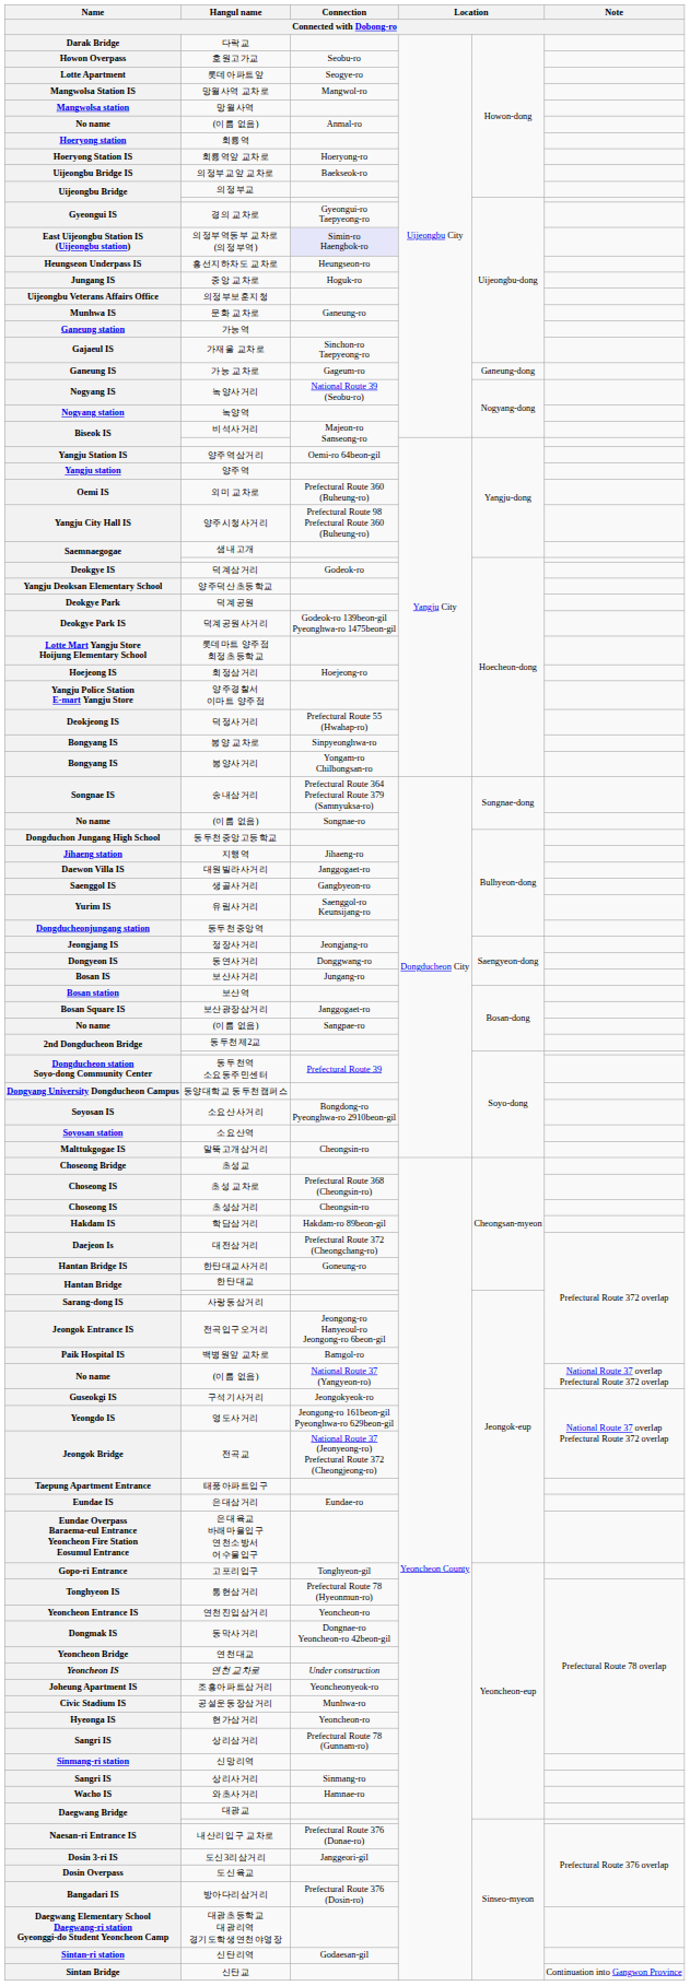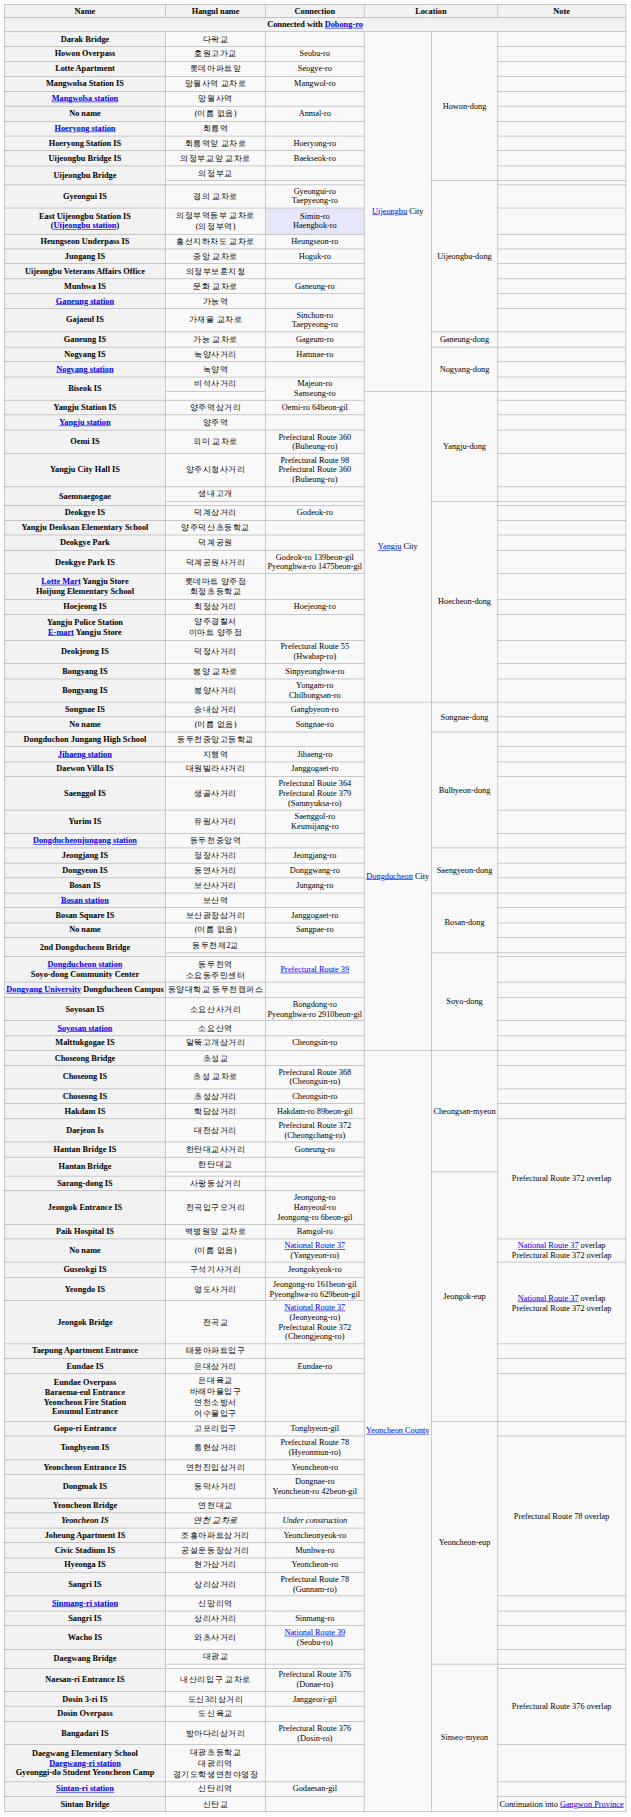 <table class="wikitable" style="font-size: 85%; text-align: center;">
 <tr>
 <th>Name </th>
 <th>Hangul name</th>
 <th>Connection</th>
 <th colspan="2">Location</th>
 <th>Note</th>
 </tr>
 <tr>
 <th colspan=6>Connected with <a href='#'>Dobong-ro</a></th>
 </tr>
 <tr>
 <th>Darak Bridge</th>
 <td>다락교</td>
 <td></td>
 <td rowspan=23><a href='#'>Uijeongbu</a> City</td>
 <td rowspan=10>Howon-dong</td>
 <td></td>
 </tr>
 <tr>
 <th>Howon Overpass</th>
 <td>호원고가교</td>
 <td>Seobu-ro</td>
 <td></td>
 </tr>
 <tr>
 <th>Lotte Apartment</th>
 <td>롯데아파트앞</td>
 <td>Seogye-ro</td>
 <td></td>
 </tr>
 <tr>
 <th>Mangwolsa Station IS</th>
 <td>망월사역 교차로</td>
 <td>Mangwol-ro</td>
 <td></td>
 </tr>
 <tr>
 <th><a href='#'>Mangwolsa station</a></th>
 <td>망월사역</td>
 <td></td>
 <td></td>
 </tr>
 <tr>
 <th>No name</th>
 <td>(이름 없음)</td>
 <td>Anmal-ro</td>
 <td></td>
 </tr>
 <tr>
 <th><a href='#'>Hoeryong station</a></th>
 <td>회룡역</td>
 <td></td>
 <td></td>
 </tr>
 <tr>
 <th>Hoeryong Station IS</th>
 <td>회룡역앞 교차로</td>
 <td>Hoeryong-ro</td>
 <td></td>
 </tr>
 <tr>
 <th>Uijeongbu Bridge IS</th>
 <td>의정부교앞 교차로</td>
 <td>Baekseok-ro</td>
 <td></td>
 </tr>
 <tr>
 <th rowspan=2>Uijeongbu Bridge</th>
 <td>의정부교</td>
 <td></td>
 <td></td>
 </tr>
 <tr>
 <td></td>
 <td></td>
 <td rowspan=9>Uijeongbu-dong</td>
 <td></td>
 </tr>
 <tr>
 <th>Gyeongui IS</th>
 <td>경의 교차로</td>
 <td>Gyeongui-ro<br>Taepyeong-ro</td>
 <td></td>
 </tr>
 <tr>
 <th>East Uijeongbu Station IS<br>(<a href='#'>Uijeongbu station</a>)</th>
 <td>의정부역동부 교차로<br>(의정부역)</td>
 <td style="background: lavender;">Simin-ro<br>Haengbok-ro</td>
 <td></td>
 </tr>
 <tr>
 <th>Heungseon Underpass IS</th>
 <td>흥선지하차도 교차로</td>
 <td>Heungseon-ro</td>
 <td></td>
 </tr>
 <tr>
 <th>Jungang IS</th>
 <td>중앙 교차로</td>
 <td>Hoguk-ro</td>
 <td></td>
 </tr>
 <tr>
 <th>Uijeongbu Veterans Affairs Office</th>
 <td>의정부보훈지청</td>
 <td></td>
 <td></td>
 </tr>
 <tr>
 <th>Munhwa IS</th>
 <td>문화 교차로</td>
 <td>Ganeung-ro</td>
 <td></td>
 </tr>
 <tr>
 <th><a href='#'>Ganeung station</a></th>
 <td>가능역</td>
 <td></td>
 <td></td>
 </tr>
 <tr>
 <th>Gajaeul IS</th>
 <td>가재울 교차로</td>
 <td>Sinchon-ro<br>Taepyeong-ro</td>
 <td></td>
 </tr>
 <tr>
 <th>Ganeung IS</th>
 <td>가능 교차로</td>
 <td>Gageum-ro</td>
 <td>Ganeung-dong</td>
 <td></td>
 </tr>
 <tr>
 <th>Nogyang IS</th>
 <td>녹양사거리</td>
-<td><a href='#'>National Route 39</a><br>(Seobu-ro)</td>
+<td>Hamnae-ro</td>
 <td rowspan=3>Nogyang-dong</td>
 <td></td>
 </tr>
 <tr>
 <th><a href='#'>Nogyang station</a></th>
 <td>녹양역</td>
 <td></td>
 <td></td>
 </tr>
 <tr>
 <th rowspan=2>Biseok IS</th>
 <td>비석사거리</td>
 <td rowspan=2>Majeon-ro<br>Sanseong-ro</td>
 <td></td>
 </tr>
 <tr>
 <td></td>
 <td rowspan=17><a href='#'>Yangju</a> City</td>
 <td rowspan=6>Yangju-dong</td>
 <td></td>
 </tr>
 <tr>
 <th>Yangju Station IS</th>
 <td>양주역삼거리</td>
 <td>Oemi-ro 64beon-gil</td>
 <td></td>
 </tr>
 <tr>
 <th><a href='#'>Yangju station</a></th>
 <td>양주역</td>
 <td></td>
 <td></td>
 </tr>
 <tr>
 <th>Oemi IS</th>
 <td>외미 교차로</td>
 <td>Prefectural Route 360<br>(Buheung-ro)</td>
 <td></td>
 </tr>
 <tr>
 <th>Yangju City Hall IS</th>
 <td>양주시청사거리</td>
 <td>Prefectural Route 98<br>Prefectural Route 360<br>(Buheung-ro)</td>
 <td></td>
 </tr>
 <tr>
 <th rowspan=2>Saemnaegogae</th>
 <td>샘내고개</td>
 <td></td>
 <td></td>
 </tr>
 <tr>
 <td></td>
 <td></td>
 <td rowspan=11>Hoecheon-dong</td>
 <td></td>
 </tr>
 <tr>
 <th>Deokgye IS</th>
 <td>덕계삼거리</td>
 <td>Godeok-ro</td>
 <td></td>
 </tr>
 <tr>
 <th>Yangju Deoksan Elementary School</th>
 <td>양주덕산초등학교</td>
 <td></td>
 <td></td>
 </tr>
 <tr>
 <th>Deokgye Park</th>
 <td>덕계공원</td>
 <td></td>
 <td></td>
 </tr>
 <tr>
 <th>Deokgye Park IS</th>
 <td>덕계공원사거리</td>
 <td>Godeok-ro 139beon-gil<br>Pyeonghwa-ro 1475beon-gil</td>
 <td></td>
 </tr>
 <tr>
 <th><a href='#'>Lotte Mart</a> Yangju Store<br>Hoijung Elementary School</th>
 <td>롯데마트 양주점<br>회정초등학교</td>
 <td></td>
 <td></td>
 </tr>
 <tr>
 <th>Hoejeong IS</th>
 <td>회정삼거리</td>
 <td>Hoejeong-ro</td>
 <td></td>
 </tr>
 <tr>
 <th>Yangju Police Station<br><a href='#'>E-mart</a> Yangju Store</th>
 <td>양주경찰서<br>이마트 양주점</td>
 <td></td>
 <td></td>
 </tr>
 <tr>
 <th>Deokjeong IS</th>
 <td>덕정사거리</td>
 <td>Prefectural Route 55<br>(Hwahap-ro)</td>
 <td></td>
 </tr>
 <tr>
 <th>Bongyang IS</th>
 <td>봉양 교차로</td>
 <td>Sinpyeonghwa-ro</td>
 <td></td>
 </tr>
 <tr>
 <th>Bongyang IS</th>
 <td>봉양사거리</td>
 <td>Yongam-ro<br>Chilbongsan-ro</td>
 <td></td>
 </tr>
 <tr>
 <th>Songnae IS</th>
 <td>송내삼거리</td>
-<td>Prefectural Route 364<br>Prefectural Route 379<br>(Samnyuksa-ro)</td>
+<td>Gangbyeon-ro</td>
 <td rowspan=21><a href='#'>Dongducheon</a> City</td>
 <td rowspan=2>Songnae-dong</td>
 <td></td>
 </tr>
 <tr>
 <th>No name</th>
 <td>(이름 없음)</td>
 <td>Songnae-ro</td>
 <td></td>
 </tr>
 <tr>
 <th>Dongduchon Jungang High School</th>
 <td>동두천중앙고등학교</td>
 <td></td>
 <td rowspan=6>Bulhyeon-dong</td>
 <td></td>
 </tr>
 <tr>
 <th><a href='#'>Jihaeng station</a></th>
 <td>지행역</td>
 <td>Jihaeng-ro</td>
 <td></td>
 </tr>
 <tr>
 <th>Daewon Villa IS</th>
 <td>대원빌라사거리</td>
 <td>Janggogaet-ro</td>
 <td></td>
 </tr>
 <tr>
 <th>Saenggol IS</th>
 <td>생골사거리</td>
-<td>Gangbyeon-ro</td>
+<td>Prefectural Route 364<br>Prefectural Route 379<br>(Samnyuksa-ro)</td>
 <td></td>
 </tr>
 <tr>
 <th>Yurim IS</th>
 <td>유림사거리</td>
 <td>Saenggol-ro<br>Keunsijang-ro</td>
 <td></td>
 </tr>
 <tr>
 <th><a href='#'>Dongducheonjungang station</a></th>
 <td>동두천중앙역</td>
 <td></td>
 <td></td>
 </tr>
 <tr>
 <th>Jeongjang IS</th>
 <td>정장사거리</td>
 <td>Jeongjang-ro</td>
 <td rowspan=3>Saengyeon-dong</td>
 <td></td>
 </tr>
 <tr>
 <th>Dongyeon IS</th>
 <td>동연사거리</td>
 <td>Donggwang-ro</td>
 <td></td>
 </tr>
 <tr>
 <th>Bosan IS</th>
 <td>보산사거리</td>
 <td>Jungang-ro</td>
 <td></td>
 </tr>
 <tr>
 <th><a href='#'>Bosan station</a></th>
 <td>보산역</td>
 <td></td>
 <td rowspan=4>Bosan-dong</td>
 <td></td>
 </tr>
 <tr>
 <th>Bosan Square IS</th>
 <td>보산광장삼거리</td>
 <td>Janggogaet-ro</td>
 <td></td>
 </tr>
 <tr>
 <th>No name</th>
 <td>(이름 없음)</td>
 <td>Sangpae-ro</td>
 <td></td>
 </tr>
 <tr>
 <th rowspan=2>2nd Dongducheon Bridge</th>
 <td>동두천제2교</td>
 <td></td>
 <td></td>
 </tr>
 <tr>
 <td></td>
 <td></td>
 <td rowspan=6>Soyo-dong</td>
 <td></td>
 </tr>
 <tr>
 <th><a href='#'>Dongducheon station</a><br>Soyo-dong Community Center</th>
 <td>동두천역<br>소요동주민센터</td>
 <td><a href='#'>Prefectural Route 39</a></td>
 <td></td>
 </tr>
 <tr>
 <th><a href='#'>Dongyang University</a> Dongducheon Campus</th>
 <td>동양대학교 동두천캠퍼스</td>
 <td></td>
 </tr>
 <tr>
 <th>Soyosan IS</th>
 <td>소요산사거리</td>
 <td>Bongdong-ro<br>Pyeonghwa-ro 2910beon-gil</td>
 <td></td>
 </tr>
 <tr>
 <th><a href='#'>Soyosan station</a></th>
 <td>소요산역</td>
 <td></td>
 <td></td>
 </tr>
 <tr>
 <th>Malttukgogae IS</th>
 <td>말뚝고개삼거리</td>
 <td>Cheongsin-ro</td>
 <td></td>
 </tr>
 <tr>
 <th>Choseong Bridge</th>
 <td>초성교</td>
 <td></td>
 <td rowspan=40><a href='#'>Yeoncheon County</a></td>
 <td rowspan=7>Cheongsan-myeon</td>
 <td></td>
 </tr>
 <tr>
 <th>Choseong IS</th>
 <td>초성 교차로</td>
 <td>Prefectural Route 368<br>(Cheongsin-ro)</td>
 <td></td>
 </tr>
 <tr>
 <th>Choseong IS</th>
 <td>초성삼거리</td>
 <td>Cheongsin-ro</td>
 <td></td>
 </tr>
 <tr>
 <th>Hakdam IS</th>
 <td>학담삼거리</td>
 <td>Hakdam-ro 89beon-gil</td>
 <td></td>
 </tr>
 <tr>
 <th>Daejeon Is</th>
 <td>대전삼거리</td>
 <td>Prefectural Route 372<br>(Cheongchang-ro)</td>
 <td rowspan=7>Prefectural Route 372 overlap</td>
 </tr>
 <tr>
 <th>Hantan Bridge IS</th>
 <td>한탄대교사거리</td>
 <td>Goneung-ro</td>
 </tr>
 <tr>
 <th rowspan=2>Hantan Bridge</th>
 <td>한탄대교</td>
 <td></td>
 </tr>
 <tr>
 <td></td>
 <td></td>
 <td rowspan=11>Jeongok-eup</td>
 </tr>
 <tr>
 <th>Sarang-dong IS</th>
 <td>사랑동삼거리</td>
 <td></td>
 </tr>
 <tr>
 <th>Jeongok Entrance IS</th>
 <td>전곡입구오거리</td>
 <td>Jeongong-ro<br>Hanyeoul-ro<br>Jeongong-ro 6beon-gil</td>
 </tr>
 <tr>
 <th>Paik Hospital IS</th>
 <td>백병원앞 교차로</td>
 <td>Bamgol-ro</td>
 </tr>
 <tr>
 <th>No name</th>
 <td>(이름 없음)</td>
 <td><a href='#'>National Route 37</a><br>(Yangyeon-ro)</td>
 <td><a href='#'>National Route 37</a> overlap<br>Prefectural Route 372 overlap</td>
 </tr>
 <tr>
 <th>Guseokgi IS</th>
 <td>구석기사거리</td>
 <td>Jeongokyeok-ro</td>
 <td rowspan=3><a href='#'>National Route 37</a> overlap<br>Prefectural Route 372 overlap</td>
 </tr>
 <tr>
 <th>Yeongdo IS</th>
 <td>영도사거리</td>
 <td>Jeongong-ro 161beon-gil<br>Pyeonghwa-ro 629beon-gil</td>
 </tr>
 <tr>
 <th>Jeongok Bridge</th>
 <td>전곡교</td>
 <td><a href='#'>National Route 37</a><br>(Jeonyeong-ro)<br>Prefectural Route 372<br>(Cheongjeong-ro)</td>
 </tr>
 <tr>
 <th>Taepung Apartment Entrance</th>
 <td>태풍아파트입구</td>
 <td></td>
 <td></td>
 </tr>
 <tr>
 <th>Eundae IS</th>
 <td>은대삼거리</td>
 <td>Eundae-ro</td>
 <td></td>
 </tr>
 <tr>
 <th>Eundae Overpass<br>Baraema-eul Entrance<br>Yeoncheon Fire Station<br>Eosumul Entrance</th>
 <td>은대육교<br>바래마을입구<br>연천소방서<br>어수물입구</td>
 <td></td>
 <td></td>
 </tr>
 <tr>
 <th>Gopo-ri Entrance</th>
 <td>고포리입구</td>
 <td>Tonghyeon-gil</td>
 <td rowspan=14>Yeoncheon-eup</td>
 <td></td>
 </tr>
 <tr>
 <th>Tonghyeon IS</th>
 <td>통현삼거리</td>
 <td>Prefectural Route 78<br>(Hyeonmun-ro)</td>
 <td rowspan=9>Prefectural Route 78 overlap</td>
 </tr>
 <tr>
 <th>Yeoncheon Entrance IS</th>
 <td>연천진입삼거리</td>
 <td>Yeoncheon-ro</td>
 </tr>
 <tr>
 <th>Dongmak IS</th>
 <td>동막사거리</td>
 <td>Dongnae-ro<br>Yeoncheon-ro 42beon-gil</td>
 </tr>
 <tr>
 <th>Yeoncheon Bridge</th>
 <td>연천대교</td>
 <td></td>
 </tr>
 <tr>
 <th><em>Yeoncheon IS</em></th>
 <td><em>연천 교차로</em></td>
 <td><em>Under construction</em></td>
 </tr>
 <tr>
 <th>Joheung Apartment IS</th>
 <td>조흥아파트삼거리</td>
 <td>Yeoncheonyeok-ro</td>
 </tr>
 <tr>
 <th>Civic Stadium IS</th>
 <td>공설운동장삼거리</td>
 <td>Munhwa-ro</td>
 </tr>
 <tr>
 <th>Hyeonga IS</th>
 <td>현가삼거리</td>
 <td>Yeoncheon-ro</td>
 </tr>
 <tr>
 <th>Sangri IS</th>
 <td>상리삼거리</td>
 <td>Prefectural Route 78<br>(Gunnam-ro)</td>
 </tr>
 <tr>
 <th><a href='#'>Sinmang-ri station</a></th>
 <td>신망리역</td>
 <td></td>
 <td></td>
 </tr>
 <tr>
 <th>Sangri IS</th>
 <td>상리사거리</td>
 <td>Sinmang-ro</td>
 <td></td>
 </tr>
 <tr>
 <th>Wacho IS</th>
 <td>와초사거리</td>
-<td>Hamnae-ro</td>
+<td><a href='#'>National Route 39</a><br>(Seobu-ro)</td>
 <td></td>
 </tr>
 <tr>
 <th rowspan=2>Daegwang Bridge</th>
 <td>대광교</td>
 <td></td>
 <td></td>
 </tr>
 <tr>
 <td></td>
 <td></td>
 <td rowspan=8>Sinseo-myeon</td>
 <td></td>
 </tr>
 <tr>
 <th>Naesan-ri Entrance IS</th>
 <td>내산리입구 교차로</td>
 <td>Prefectural Route 376<br>(Donae-ro)</td>
 <td rowspan=4>Prefectural Route 376 overlap</td>
 </tr>
 <tr>
 <th>Dosin 3-ri IS</th>
 <td>도신3리삼거리</td>
 <td>Janggeori-gil</td>
 </tr>
 <tr>
 <th>Dosin Overpass</th>
 <td>도신육교</td>
 <td></td>
 </tr>
 <tr>
 <th>Bangadari IS</th>
 <td>방아다리삼거리</td>
 <td>Prefectural Route 376<br>(Dosin-ro)</td>
 </tr>
 <tr>
 <th>Daegwang Elementary School<br><a href='#'>Daegwang-ri station</a><br>Gyeonggi-do Student Yeoncheon Camp</th>
 <td>대광초등학교<br>대광리역<br>경기도학생연천야영장</td>
 <td></td>
 <td></td>
 </tr>
 <tr>
 <th><a href='#'>Sintan-ri station</a></th>
 <td>신탄리역</td>
 <td>Godaesan-gil</td>
 <td></td>
 </tr>
 <tr>
 <th>Sintan Bridge</th>
 <td>신탄교</td>
 <td></td>
 <td>Continuation into <a href='#'>Gangwon Province</a></td>
 </tr>
 </table>
